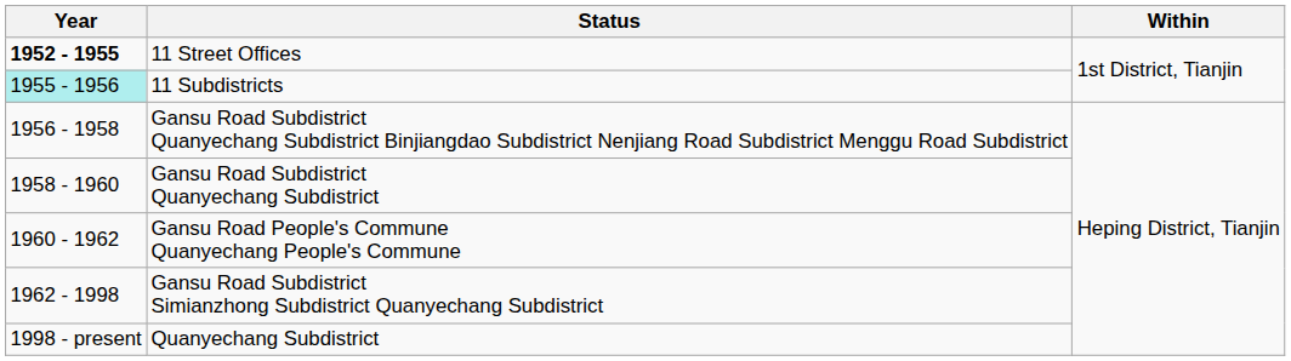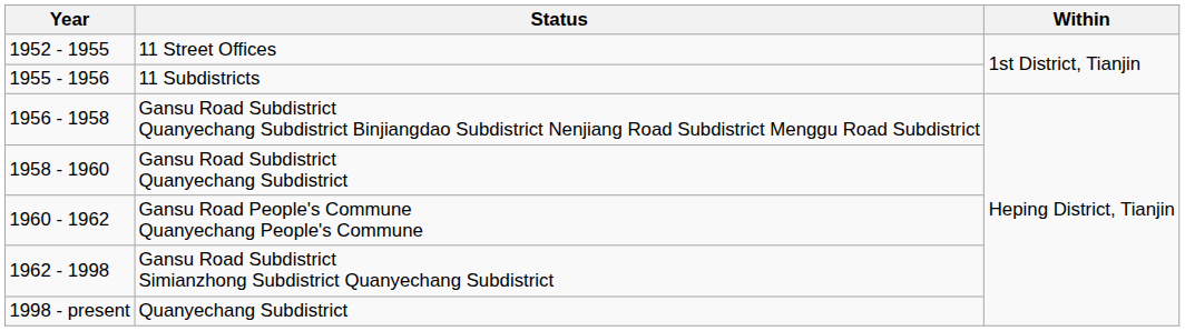 <table class="wikitable">
 <tr>
 <th>Year</th>
 <th>Status</th>
 <th>Within</th>
 </tr>
 <tr>
-<td><strong>1952 - 1955</strong></td>
+<td>1952 - 1955</td>
 <td>11 Street Offices</td>
 <td rowspan="2">1st District, Tianjin</td>
 </tr>
 <tr>
-<td style="background: paleturquoise;">1955 - 1956</td>
+<td>1955 - 1956</td>
 <td>11 Subdistricts</td>
 </tr>
 <tr>
 <td>1956 - 1958</td>
 <td>Gansu Road Subdistrict<br>Quanyechang Subdistrict Binjiangdao Subdistrict Nenjiang Road Subdistrict Menggu Road Subdistrict</td>
 <td rowspan="5">Heping District, Tianjin</td>
 </tr>
 <tr>
 <td>1958 - 1960</td>
 <td>Gansu Road Subdistrict<br>Quanyechang Subdistrict</td>
 </tr>
 <tr>
 <td>1960 - 1962</td>
 <td>Gansu Road People's Commune<br>Quanyechang People's Commune</td>
 </tr>
 <tr>
 <td>1962 - 1998</td>
 <td>Gansu Road Subdistrict<br>Simianzhong Subdistrict Quanyechang Subdistrict</td>
 </tr>
 <tr>
 <td>1998 - present</td>
 <td>Quanyechang Subdistrict</td>
 </tr>
 </table>
